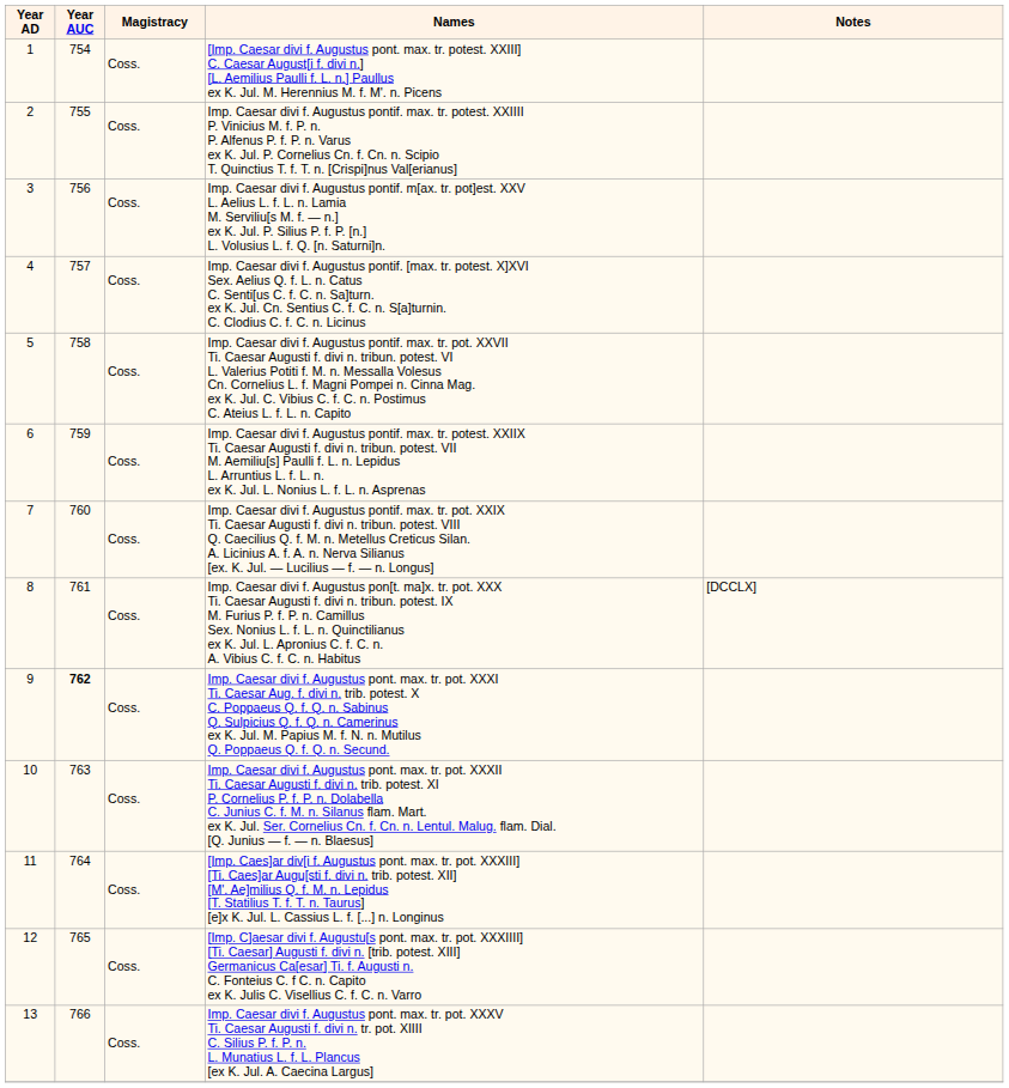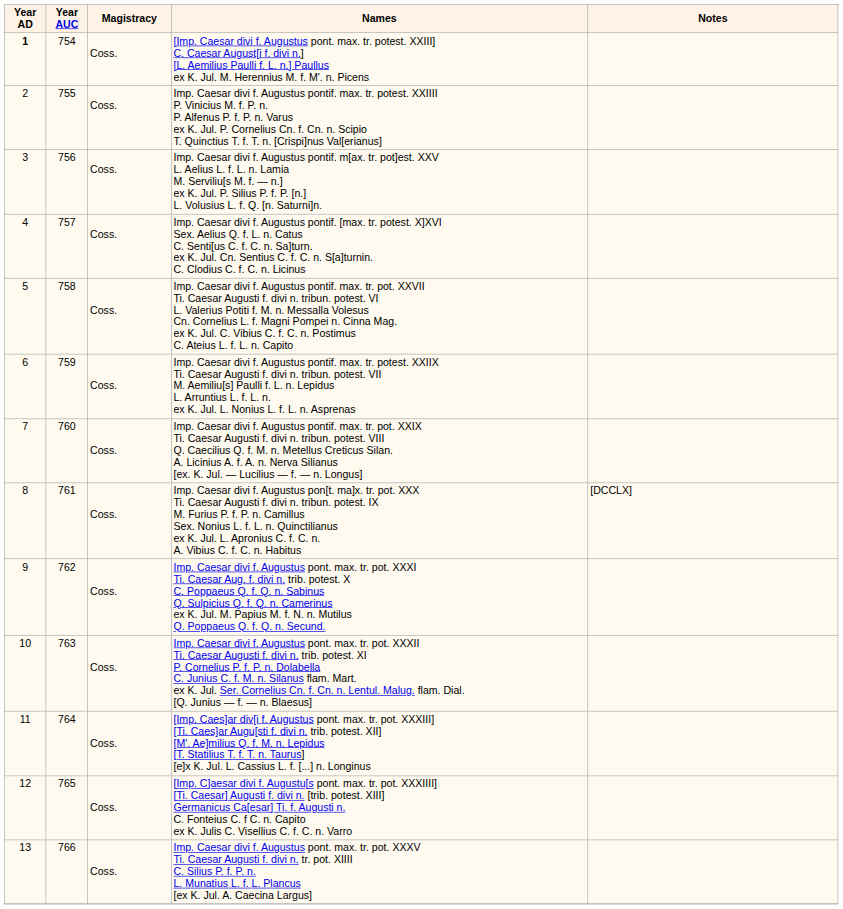 <table class="wikitable" style="background:#FFFAEF; width: 100%">
 <tr>
 <th width=5% style="background:#FFF3E7">Year<br>AD</th>
 <th width=5% style="background:#FFF3E7">Year<br><a href='#'>AUC</a></th>
 <th width=10% style="background:#FFF3E7">Magistracy</th>
 <th width=50% style="background:#FFF3E7">Names</th>
 <th width=30% style="background:#FFF3E7">Notes</th>
 </tr>
 <tr style="vertical-align: top;">
-<td style="text-align:center;">1</td>
+<td style="text-align:center;"><strong>1</strong></td>
 <td style="text-align:center;">754</td>
 <td><br>Coss.</td>
 <td><a href='#'>[Imp. Caesar divi f. Augustus</a> pont. max. tr. potest. XXIII]<br><a href='#'>C. Caesar August[i f. divi n.</a>]<br><a href='#'>[L. Aemilius Paulli f. L. n.] Paullus</a><br>ex K. Jul. M. Herennius M. f. M'. n. Picens</td>
 <td></td>
 </tr>
 <tr style="vertical-align: top;">
 <td style="text-align:center;">2</td>
 <td style="text-align:center;">755</td>
 <td><br>Coss.</td>
 <td>Imp. Caesar divi f. Augustus pontif. max. tr. potest. XXIIII<br>P. Vinicius M. f. P. n.<br>P. Alfenus P. f. P. n. Varus<br>ex K. Jul. P. Cornelius Cn. f. Cn. n. Scipio<br>T. Quinctius T. f. T. n. [Crispi]nus Val[erianus]</td>
 <td></td>
 </tr>
 <tr style="vertical-align: top;">
 <td style="text-align:center;">3</td>
 <td style="text-align:center;">756</td>
 <td><br>Coss.</td>
 <td>Imp. Caesar divi f. Augustus pontif. m[ax. tr. pot]est. XXV<br>L. Aelius L. f. L. n. Lamia<br>M. Serviliu[s M. f. — n.]<br>ex K. Jul. P. Silius P. f. P. [n.]<br>L. Volusius L. f. Q. [n. Saturni]n.</td>
 <td></td>
 </tr>
 <tr style="vertical-align: top;">
 <td style="text-align:center;">4</td>
 <td style="text-align:center;">757</td>
 <td><br>Coss.</td>
 <td>Imp. Caesar divi f. Augustus pontif. [max. tr. potest. X]XVI<br>Sex. Aelius Q. f. L. n. Catus<br>C. Senti[us C. f. C. n. Sa]turn.<br>ex K. Jul. Cn. Sentius C. f. C. n. S[a]turnin.<br>C. Clodius C. f. C. n. Licinus</td>
 <td></td>
 </tr>
 <tr style="vertical-align: top;">
 <td style="text-align:center;">5</td>
 <td style="text-align:center;">758</td>
 <td><br><br>Coss.</td>
 <td>Imp. Caesar divi f. Augustus pontif. max. tr. pot. XXVII<br>Ti. Caesar Augusti f. divi n. tribun. potest. VI<br>L. Valerius Potiti f. M. n. Messalla Volesus<br>Cn. Cornelius L. f. Magni Pompei n. Cinna Mag.<br>ex K. Jul. C. Vibius C. f. C. n. Postimus<br>C. Ateius L. f. L. n. Capito</td>
 <td></td>
 </tr>
 <tr style="vertical-align: top;">
 <td style="text-align:center;">6</td>
 <td style="text-align:center;">759</td>
 <td><br><br>Coss.</td>
 <td>Imp. Caesar divi f. Augustus pontif. max. tr. potest. XXIIX<br>Ti. Caesar Augusti f. divi n. tribun. potest. VII<br>M. Aemiliu[s] Paulli f. L. n. Lepidus<br>L. Arruntius L. f. L. n.<br>ex K. Jul. L. Nonius L. f. L. n. Asprenas</td>
 <td></td>
 </tr>
 <tr style="vertical-align: top;">
 <td style="text-align:center;">7</td>
 <td style="text-align:center;">760</td>
 <td><br><br>Coss.</td>
 <td>Imp. Caesar divi f. Augustus pontif. max. tr. pot. XXIX<br>Ti. Caesar Augusti f. divi n. tribun. potest. VIII<br>Q. Caecilius Q. f. M. n. Metellus Creticus Silan.<br>A. Licinius A. f. A. n. Nerva Silianus<br>[ex. K. Jul. — Lucilius — f. — n. Longus]<br></td>
 <td></td>
 </tr>
 <tr style="vertical-align: top;">
 <td style="text-align:center;">8</td>
 <td style="text-align:center;">761</td>
 <td><br><br>Coss.</td>
 <td>Imp. Caesar divi f. Augustus pon[t. ma]x. tr. pot. XXX<br>Ti. Caesar Augusti f. divi n. tribun. potest. IX<br>M. Furius P. f. P. n. Camillus<br>Sex. Nonius L. f. L. n. Quinctilianus<br>ex K. Jul. L. Apronius C. f. C. n.<br>A. Vibius C. f. C. n. Habitus</td>
 <td>[DCCLX]</td>
 </tr>
 <tr style="vertical-align: top;">
 <td style="text-align:center;">9</td>
-<td style="text-align:center;"><strong>762</strong></td>
+<td style="text-align:center;">762</td>
 <td><br><br>Coss.</td>
 <td><a href='#'>Imp. Caesar divi f. Augustus</a> pont. max. tr. pot. XXXI<br><a href='#'>Ti. Caesar Aug. f. divi n.</a> trib. potest. X<br><a href='#'>C. Poppaeus Q. f. Q. n. Sabinus</a><br><a href='#'>Q. Sulpicius Q. f. Q. n. Camerinus</a><br>ex K. Jul. M. Papius M. f. N. n. Mutilus<br><a href='#'>Q. Poppaeus Q. f. Q. n. Secund.</a></td>
 <td></td>
 </tr>
 <tr style="vertical-align: top;">
 <td style="text-align:center;">10</td>
 <td style="text-align:center;">763</td>
 <td><br><br>Coss.</td>
 <td><a href='#'>Imp. Caesar divi f. Augustus</a> pont. max. tr. pot. XXXII<br><a href='#'>Ti. Caesar Augusti f. divi n.</a> trib. potest. XI<br><a href='#'>P. Cornelius P. f. P. n. Dolabella</a><br><a href='#'>C. Junius C. f. M. n. Silanus</a> flam. Mart.<br>ex K. Jul. <a href='#'>Ser. Cornelius Cn. f. Cn. n. Lentul. Malug.</a> flam. Dial.<br>[Q. Junius — f. — n. Blaesus]</td>
 <td></td>
 </tr>
 <tr style="vertical-align: top;">
 <td style="text-align:center;">11</td>
 <td style="text-align:center;">764</td>
 <td><br><br>Coss.</td>
 <td><a href='#'>[Imp. Caes]ar div[i f. Augustus</a> pont. max. tr. pot. XXXIII]<br><a href='#'>[Ti. Caes]ar Augu[sti f. divi n.</a> trib. potest. XII]<br><a href='#'>[M'. Ae]milius Q. f. M. n. Lepidus</a><br><a href='#'>[T. Statilius T. f. T. n. Taurus</a>]<br>[e]x K. Jul. L. Cassius L. f. [...] n. Longinus</td>
 <td></td>
 </tr>
 <tr style="vertical-align: top;">
 <td style="text-align:center;">12</td>
 <td style="text-align:center;">765</td>
 <td><br><br>Coss.</td>
 <td><a href='#'>[Imp. C]aesar divi f. Augustu[s</a> pont. max. tr. pot. XXXIIII]<br><a href='#'>[Ti. Caesar] Augusti f. divi n.</a> [trib. potest. XIII]<br><a href='#'>Germanicus Ca[esar] Ti. f. Augusti n.</a><br>C. Fonteius C. f C. n. Capito<br>ex K. Julis C. Visellius C. f. C. n. Varro</td>
 <td></td>
 </tr>
 <tr style="vertical-align: top;">
 <td style="text-align:center;">13</td>
 <td style="text-align:center;">766</td>
 <td><br><br>Coss.</td>
 <td><a href='#'>Imp. Caesar divi f. Augustus</a> pont. max. tr. pot. XXXV<br><a href='#'>Ti. Caesar Augusti f. divi n.</a> tr. pot. XIIII<br><a href='#'>C. Silius P. f. P. n.</a><br><a href='#'>L. Munatius L. f. L. Plancus</a><br>[ex K. Jul. A. Caecina Largus]</td>
 <td></td>
 </tr>
 <tr>
 </tr>
 </table>
